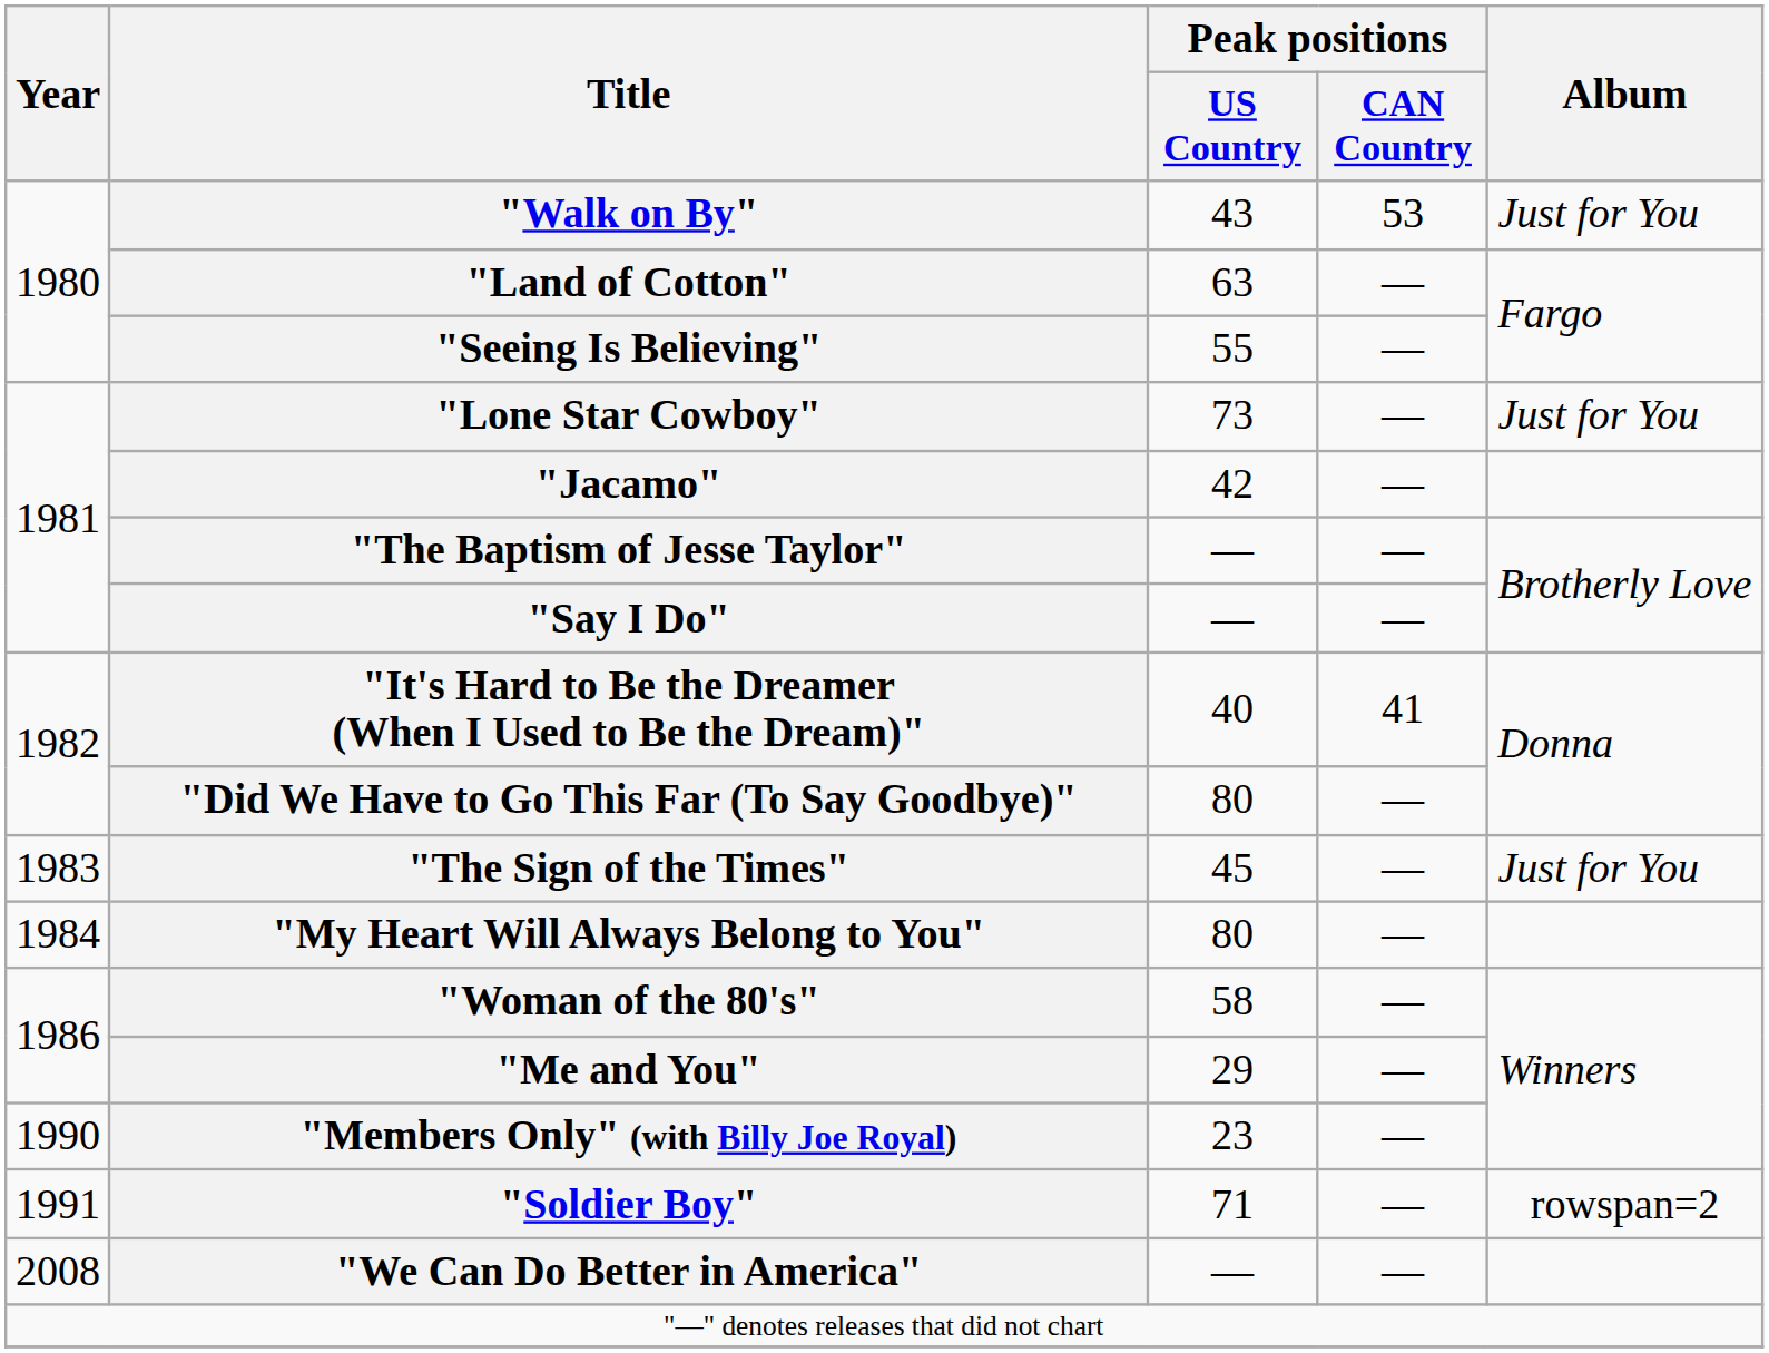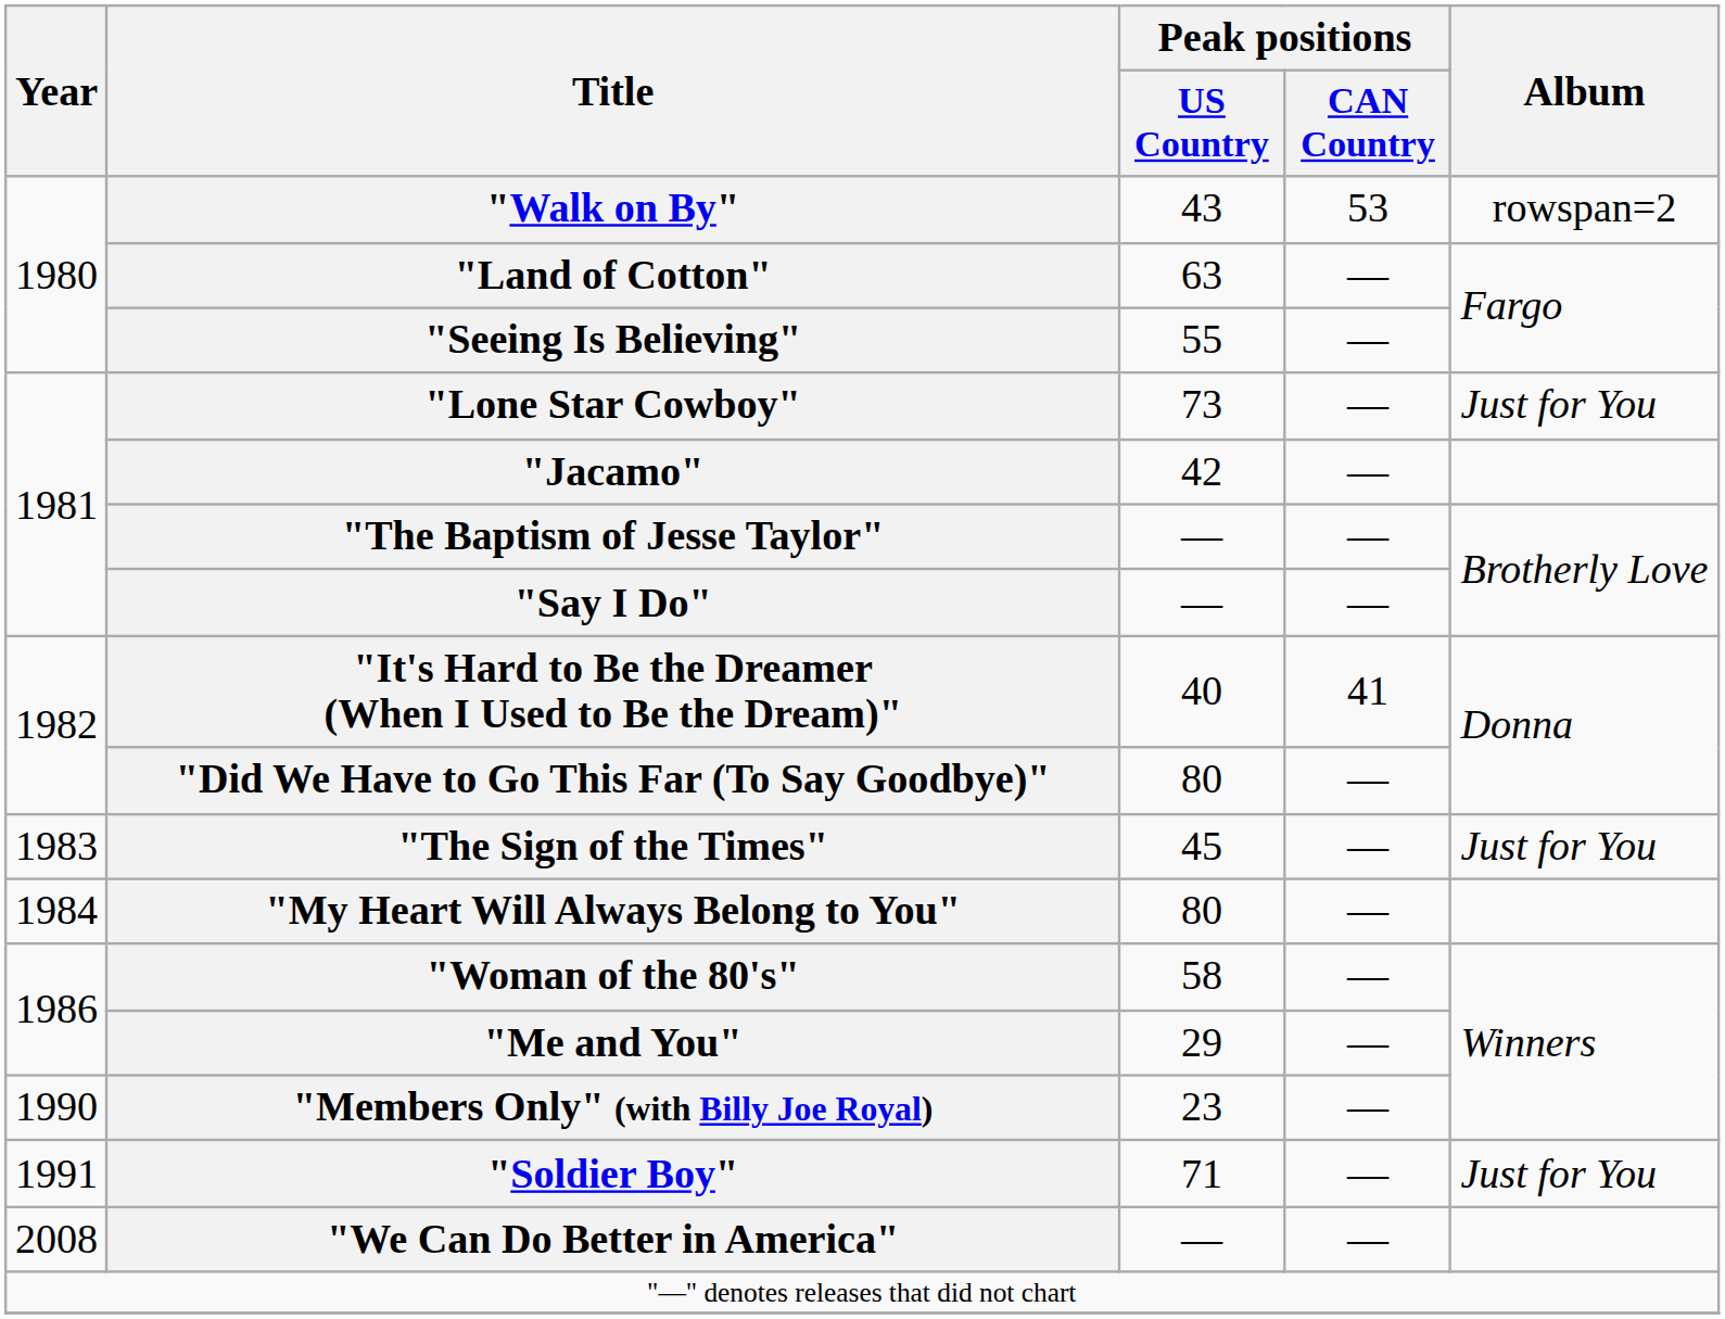 <table class="wikitable plainrowheaders" style=text-align:center;>
 <tr>
 <th scope="col" rowspan="2">Year</th>
 <th scope="col" rowspan="2" style="width:24em;">Title</th>
 <th scope="col" colspan="2">Peak positions</th>
 <th scope="col" rowspan="2">Album</th>
 </tr>
 <tr>
 <th style="width:4em;font-size:90%;"><a href='#'>US Country</a><br></th>
 <th style="width:4em;font-size:90%;"><a href='#'>CAN Country</a><br></th>
 </tr>
 <tr>
 <td rowspan=3>1980</td>
 <th scope="row">"<a href='#'>Walk on By</a>"</th>
 <td>43</td>
 <td>53</td>
-<td align=left><em>Just for You</em></td>
+<td>rowspan=2 </td>
 </tr>
 <tr>
 <th scope="row">"Land of Cotton"</th>
 <td>63</td>
 <td>—</td>
 <td align=left rowspan=2><em>Fargo</em></td>
 </tr>
 <tr>
 <th scope="row">"Seeing Is Believing"</th>
 <td>55</td>
 <td>—</td>
 </tr>
 <tr>
 <td rowspan=4>1981</td>
 <th scope="row">"Lone Star Cowboy"</th>
 <td>73</td>
 <td>—</td>
 <td align=left><em>Just for You</em></td>
 </tr>
 <tr>
 <th scope="row">"Jacamo"</th>
 <td>42</td>
 <td>—</td>
 </tr>
 <tr>
 <th scope="row">"The Baptism of Jesse Taylor"</th>
 <td>—</td>
 <td>—</td>
 <td align=left rowspan=2><em>Brotherly Love</em></td>
 </tr>
 <tr>
 <th scope="row">"Say I Do"</th>
 <td>—</td>
 <td>—</td>
 </tr>
 <tr>
 <td rowspan=2>1982</td>
 <th scope="row">"It's Hard to Be the Dreamer<br>(When I Used to Be the Dream)"</th>
 <td>40</td>
 <td>41</td>
 <td align=left rowspan=2><em>Donna</em></td>
 </tr>
 <tr>
 <th scope="row">"Did We Have to Go This Far (To Say Goodbye)"</th>
 <td>80</td>
 <td>—</td>
 </tr>
 <tr>
 <td>1983</td>
 <th scope="row">"The Sign of the Times"</th>
 <td>45</td>
 <td>—</td>
 <td align=left><em>Just for You</em></td>
 </tr>
 <tr>
 <td>1984</td>
 <th scope="row">"My Heart Will Always Belong to You"</th>
 <td>80</td>
 <td>—</td>
 </tr>
 <tr>
 <td rowspan=2>1986</td>
 <th scope="row">"Woman of the 80's"</th>
 <td>58</td>
 <td>—</td>
 <td align=left rowspan=3><em>Winners</em></td>
 </tr>
 <tr>
 <th scope="row">"Me and You"</th>
 <td>29</td>
 <td>—</td>
 </tr>
 <tr>
 <td>1990</td>
 <th scope="row">"Members Only" <small>(with <a href='#'>Billy Joe Royal</a>)</small></th>
 <td>23</td>
 <td>—</td>
 </tr>
 <tr>
 <td>1991</td>
 <th scope="row">"<a href='#'>Soldier Boy</a>"</th>
 <td>71</td>
 <td>—</td>
-<td>rowspan=2 </td>
+<td align=left><em>Just for You</em></td>
 </tr>
 <tr>
 <td>2008</td>
 <th scope="row">"We Can Do Better in America"</th>
 <td>—</td>
 <td>—</td>
 </tr>
 <tr>
 <td colspan="5" style="font-size:8pt">"—" denotes releases that did not chart</td>
 </tr>
 <tr>
 </tr>
 </table>
